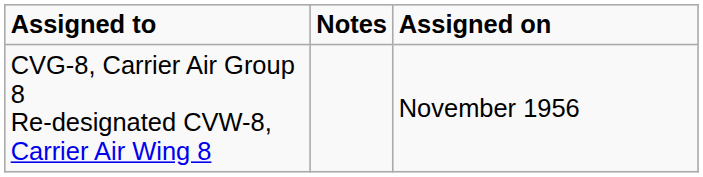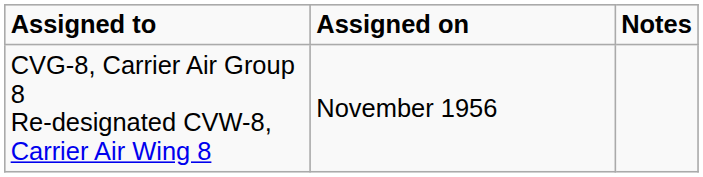 <table class="wikitable" style="width: 70%;">
 <tr>
 <td style="width: 200px;"><strong>Assigned to</strong></td>
+<td style="width: 200px;"><strong>Assigned on</strong></td>
 <td><strong>Notes</strong></td>
-<td style="width: 200px;"><strong>Assigned on</strong></td>
 </tr>
 <tr>
 <td>CVG-8, Carrier Air Group 8<br>Re-designated CVW-8, <a href='#'>Carrier Air Wing 8</a></td>
+<td>November 1956</td>
 <td></td>
-<td>November 1956</td>
 </tr>
 </table>
